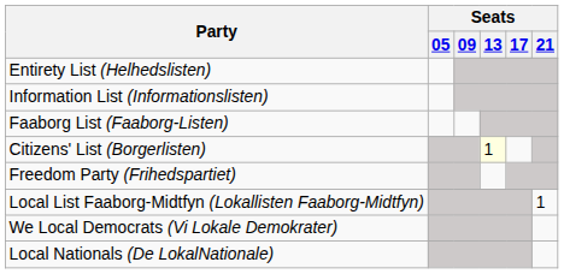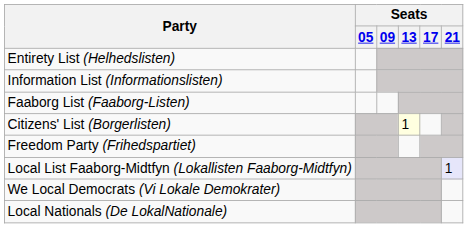 <table class="wikitable">
 <tr>
 <th rowspan=2>Party</th>
 <th colspan=11>Seats</th>
 </tr>
 <tr>
 <th><a href='#'>05</a></th>
 <th><a href='#'>09</a></th>
 <th><a href='#'>13</a></th>
 <th><a href='#'>17</a></th>
 <th><a href='#'>21</a></th>
 </tr>
 <tr>
 <td>Entirety List <em>(Helhedslisten)</em></td>
 <td></td>
 <td style="background:#CDC9C9;" colspan=4></td>
 </tr>
 <tr>
 <td>Information List <em>(Informationslisten)</em></td>
 <td></td>
 <td style="background:#CDC9C9;" colspan=4></td>
 </tr>
 <tr>
 <td>Faaborg List <em>(Faaborg-Listen)</em></td>
 <td></td>
 <td></td>
 <td style="background:#CDC9C9;" colspan=3></td>
 </tr>
 <tr>
 <td>Citizens' List <em>(Borgerlisten)</em></td>
 <td style="background:#CDC9C9;" colspan=2></td>
 <td style="background: lightyellow;">1</td>
 <td></td>
 <td style="background:#CDC9C9;"></td>
 </tr>
 <tr>
 <td>Freedom Party <em>(Frihedspartiet)</em></td>
 <td style="background:#CDC9C9;" colspan=2></td>
 <td></td>
 <td style="background:#CDC9C9;" colspan=2></td>
 </tr>
 <tr>
 <td>Local List Faaborg-Midtfyn <em>(Lokallisten Faaborg-Midtfyn)</em></td>
 <td style="background:#CDC9C9;" colspan=4></td>
-<td>1</td>
+<td style="background: lavender;">1</td>
 </tr>
 <tr>
 <td>We Local Democrats <em>(Vi Lokale Demokrater)</em></td>
 <td style="background:#CDC9C9;" colspan=4></td>
 <td></td>
 </tr>
 <tr>
 <td>Local Nationals <em>(De LokalNationale)</em></td>
 <td style="background:#CDC9C9;" colspan=4></td>
 <td></td>
 </tr>
 </table>
